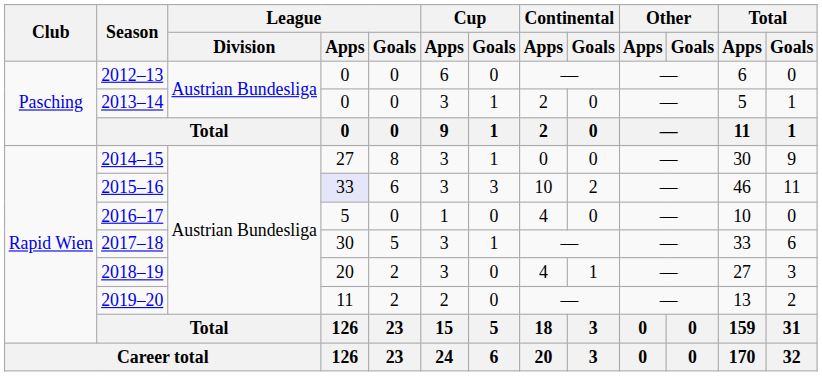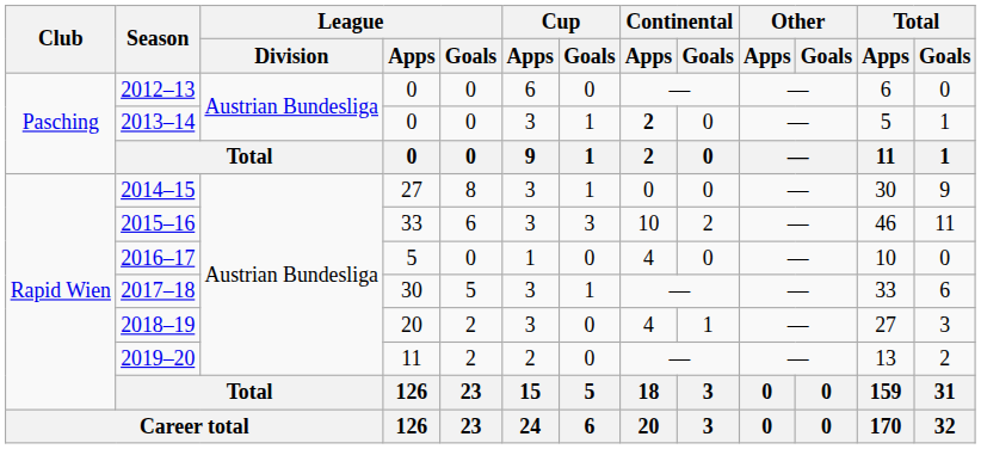 <table class="wikitable" style="text-align:center">
 <tr>
 <th rowspan="2">Club</th>
 <th rowspan="2">Season</th>
 <th colspan="3">League</th>
 <th colspan="2">Cup</th>
 <th colspan="2">Continental</th>
 <th colspan="2">Other</th>
 <th colspan="2">Total</th>
 </tr>
 <tr>
 <th>Division</th>
 <th>Apps</th>
 <th>Goals</th>
 <th>Apps</th>
 <th>Goals</th>
 <th>Apps</th>
 <th>Goals</th>
 <th>Apps</th>
 <th>Goals</th>
 <th>Apps</th>
 <th>Goals</th>
 </tr>
 <tr>
 <td rowspan="3"><a href='#'>Pasching</a></td>
 <td><a href='#'>2012–13</a></td>
 <td rowspan="2"><a href='#'>Austrian Bundesliga</a></td>
 <td>0</td>
 <td>0</td>
 <td>6</td>
 <td>0</td>
 <td colspan="2">—</td>
 <td colspan="2">—</td>
 <td>6</td>
 <td>0</td>
 </tr>
 <tr>
 <td><a href='#'>2013–14</a></td>
 <td>0</td>
 <td>0</td>
 <td>3</td>
 <td>1</td>
-<td>2</td>
+<td><strong>2</strong></td>
 <td>0</td>
 <td colspan="2">—</td>
 <td>5</td>
 <td>1</td>
 </tr>
 <tr>
 <th colspan="2">Total</th>
 <th>0</th>
 <th>0</th>
 <th>9</th>
 <th>1</th>
 <th>2</th>
 <th>0</th>
 <th colspan="2">—</th>
 <th>11</th>
 <th>1</th>
 </tr>
 <tr>
 <td rowspan="7"><a href='#'>Rapid Wien</a></td>
 <td><a href='#'>2014–15</a></td>
 <td rowspan="6">Austrian Bundesliga</td>
 <td>27</td>
 <td>8</td>
 <td>3</td>
 <td>1</td>
 <td>0</td>
 <td>0</td>
 <td colspan="2">—</td>
 <td>30</td>
 <td>9</td>
 </tr>
 <tr>
 <td><a href='#'>2015–16</a></td>
-<td style="background: lavender;">33</td>
+<td>33</td>
 <td>6</td>
 <td>3</td>
 <td>3</td>
 <td>10</td>
 <td>2</td>
 <td colspan="2">—</td>
 <td>46</td>
 <td>11</td>
 </tr>
 <tr>
 <td><a href='#'>2016–17</a></td>
 <td>5</td>
 <td>0</td>
 <td>1</td>
 <td>0</td>
 <td>4</td>
 <td>0</td>
 <td colspan="2">—</td>
 <td>10</td>
 <td>0</td>
 </tr>
 <tr>
 <td><a href='#'>2017–18</a></td>
 <td>30</td>
 <td>5</td>
 <td>3</td>
 <td>1</td>
 <td colspan="2">—</td>
 <td colspan="2">—</td>
 <td>33</td>
 <td>6</td>
 </tr>
 <tr>
 <td><a href='#'>2018–19</a></td>
 <td>20</td>
 <td>2</td>
 <td>3</td>
 <td>0</td>
 <td>4</td>
 <td>1</td>
 <td colspan="2">—</td>
 <td>27</td>
 <td>3</td>
 </tr>
 <tr>
 <td><a href='#'>2019–20</a></td>
 <td>11</td>
 <td>2</td>
 <td>2</td>
 <td>0</td>
 <td colspan="2">—</td>
 <td colspan="2">—</td>
 <td>13</td>
 <td>2</td>
 </tr>
 <tr>
 <th colspan="2">Total</th>
 <th>126</th>
 <th>23</th>
 <th>15</th>
 <th>5</th>
 <th>18</th>
 <th>3</th>
 <th>0</th>
 <th>0</th>
 <th>159</th>
 <th>31</th>
 </tr>
 <tr>
 <th colspan="3">Career total</th>
 <th>126</th>
 <th>23</th>
 <th>24</th>
 <th>6</th>
 <th>20</th>
 <th>3</th>
 <th>0</th>
 <th>0</th>
 <th>170</th>
 <th>32</th>
 </tr>
 </table>
